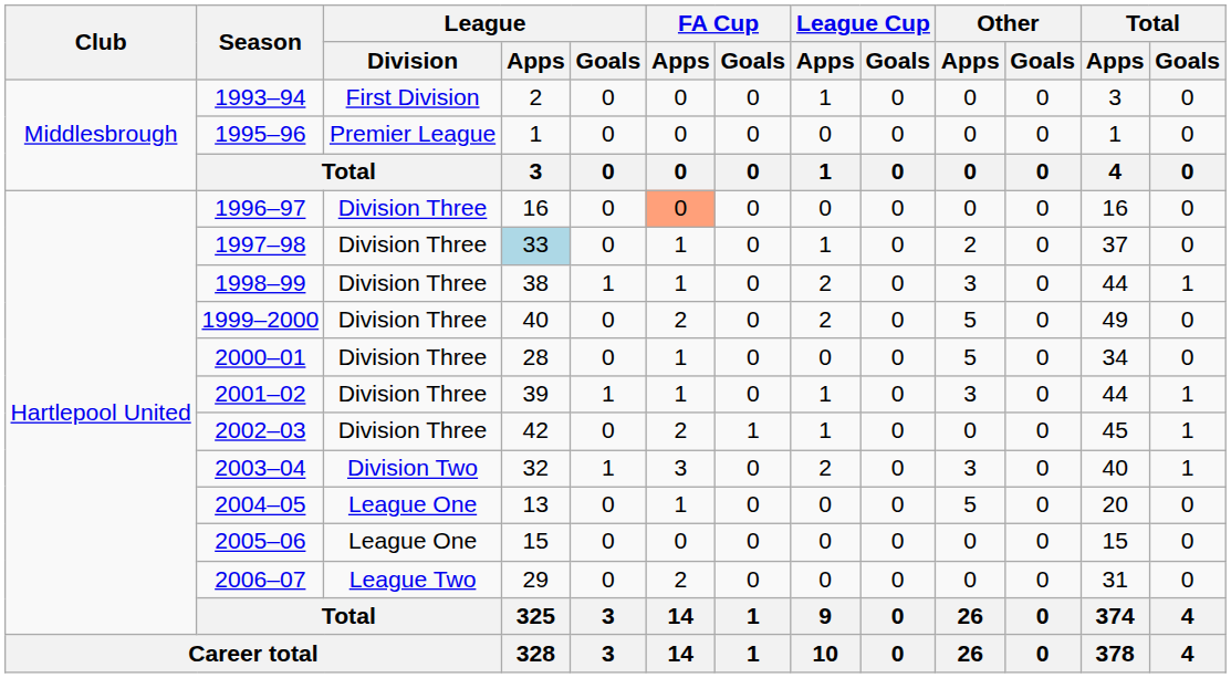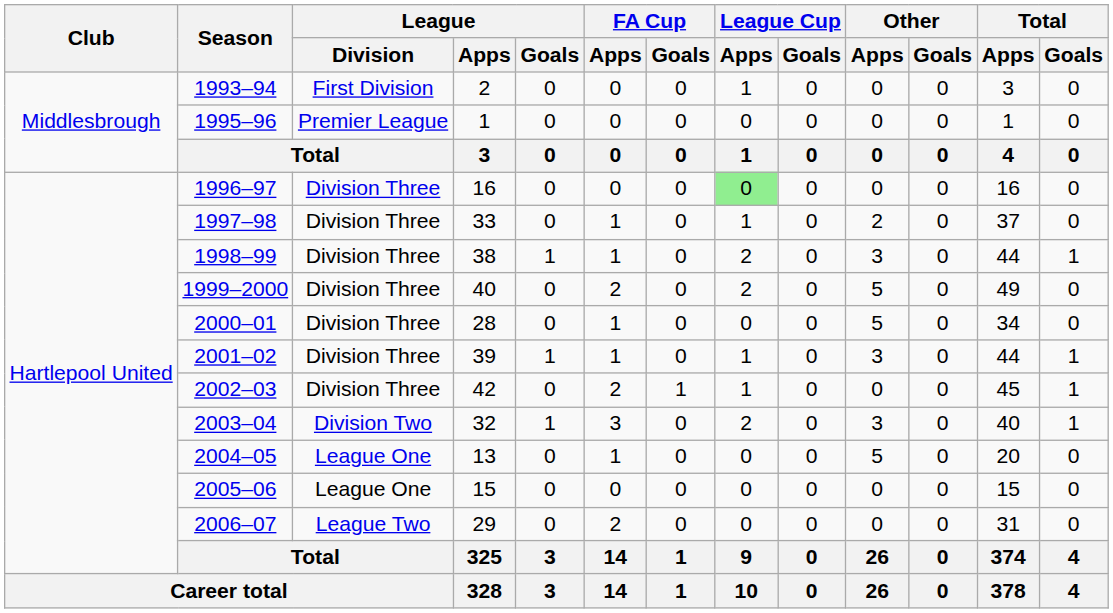 <table class="wikitable" style="text-align: center">
 <tr>
 <th rowspan="2">Club</th>
 <th rowspan="2">Season</th>
 <th colspan="3">League</th>
 <th colspan="2"><a href='#'>FA Cup</a></th>
 <th colspan="2"><a href='#'>League Cup</a></th>
 <th colspan="2">Other</th>
 <th colspan="2">Total</th>
 </tr>
 <tr>
 <th>Division</th>
 <th>Apps</th>
 <th>Goals</th>
 <th>Apps</th>
 <th>Goals</th>
 <th>Apps</th>
 <th>Goals</th>
 <th>Apps</th>
 <th>Goals</th>
 <th>Apps</th>
 <th>Goals</th>
 </tr>
 <tr>
 <td rowspan="3"><a href='#'>Middlesbrough</a></td>
 <td><a href='#'>1993–94</a></td>
 <td><a href='#'>First Division</a></td>
 <td>2</td>
 <td>0</td>
 <td>0</td>
 <td>0</td>
 <td>1</td>
 <td>0</td>
 <td>0</td>
 <td>0</td>
 <td>3</td>
 <td>0</td>
 </tr>
 <tr>
 <td><a href='#'>1995–96</a></td>
 <td><a href='#'>Premier League</a></td>
 <td>1</td>
 <td>0</td>
 <td>0</td>
 <td>0</td>
 <td>0</td>
 <td>0</td>
 <td>0</td>
 <td>0</td>
 <td>1</td>
 <td>0</td>
 </tr>
 <tr>
 <th colspan="2">Total</th>
 <th>3</th>
 <th>0</th>
 <th>0</th>
 <th>0</th>
 <th>1</th>
 <th>0</th>
 <th>0</th>
 <th>0</th>
 <th>4</th>
 <th>0</th>
 </tr>
 <tr>
 <td rowspan="12"><a href='#'>Hartlepool United</a></td>
 <td><a href='#'>1996–97</a></td>
 <td><a href='#'>Division Three</a></td>
 <td>16</td>
 <td>0</td>
-<td style="background: lightsalmon;">0</td>
 <td>0</td>
 <td>0</td>
+<td style="background: lightgreen;">0</td>
 <td>0</td>
 <td>0</td>
 <td>0</td>
 <td>16</td>
 <td>0</td>
 </tr>
 <tr>
 <td><a href='#'>1997–98</a></td>
 <td>Division Three</td>
-<td style="background: lightblue;">33</td>
+<td>33</td>
 <td>0</td>
 <td>1</td>
 <td>0</td>
 <td>1</td>
 <td>0</td>
 <td>2</td>
 <td>0</td>
 <td>37</td>
 <td>0</td>
 </tr>
 <tr>
 <td><a href='#'>1998–99</a></td>
 <td>Division Three</td>
 <td>38</td>
 <td>1</td>
 <td>1</td>
 <td>0</td>
 <td>2</td>
 <td>0</td>
 <td>3</td>
 <td>0</td>
 <td>44</td>
 <td>1</td>
 </tr>
 <tr>
 <td><a href='#'>1999–2000</a></td>
 <td>Division Three</td>
 <td>40</td>
 <td>0</td>
 <td>2</td>
 <td>0</td>
 <td>2</td>
 <td>0</td>
 <td>5</td>
 <td>0</td>
 <td>49</td>
 <td>0</td>
 </tr>
 <tr>
 <td><a href='#'>2000–01</a></td>
 <td>Division Three</td>
 <td>28</td>
 <td>0</td>
 <td>1</td>
 <td>0</td>
 <td>0</td>
 <td>0</td>
 <td>5</td>
 <td>0</td>
 <td>34</td>
 <td>0</td>
 </tr>
 <tr>
 <td><a href='#'>2001–02</a></td>
 <td>Division Three</td>
 <td>39</td>
 <td>1</td>
 <td>1</td>
 <td>0</td>
 <td>1</td>
 <td>0</td>
 <td>3</td>
 <td>0</td>
 <td>44</td>
 <td>1</td>
 </tr>
 <tr>
 <td><a href='#'>2002–03</a></td>
 <td>Division Three</td>
 <td>42</td>
 <td>0</td>
 <td>2</td>
 <td>1</td>
 <td>1</td>
 <td>0</td>
 <td>0</td>
 <td>0</td>
 <td>45</td>
 <td>1</td>
 </tr>
 <tr>
 <td><a href='#'>2003–04</a></td>
 <td><a href='#'>Division Two</a></td>
 <td>32</td>
 <td>1</td>
 <td>3</td>
 <td>0</td>
 <td>2</td>
 <td>0</td>
 <td>3</td>
 <td>0</td>
 <td>40</td>
 <td>1</td>
 </tr>
 <tr>
 <td><a href='#'>2004–05</a></td>
 <td><a href='#'>League One</a></td>
 <td>13</td>
 <td>0</td>
 <td>1</td>
 <td>0</td>
 <td>0</td>
 <td>0</td>
 <td>5</td>
 <td>0</td>
 <td>20</td>
 <td>0</td>
 </tr>
 <tr>
 <td><a href='#'>2005–06</a></td>
 <td>League One</td>
 <td>15</td>
 <td>0</td>
 <td>0</td>
 <td>0</td>
 <td>0</td>
 <td>0</td>
 <td>0</td>
 <td>0</td>
 <td>15</td>
 <td>0</td>
 </tr>
 <tr>
 <td><a href='#'>2006–07</a></td>
 <td><a href='#'>League Two</a></td>
 <td>29</td>
 <td>0</td>
 <td>2</td>
 <td>0</td>
 <td>0</td>
 <td>0</td>
 <td>0</td>
 <td>0</td>
 <td>31</td>
 <td>0</td>
 </tr>
 <tr>
 <th colspan="2">Total</th>
 <th>325</th>
 <th>3</th>
 <th>14</th>
 <th>1</th>
 <th>9</th>
 <th>0</th>
 <th>26</th>
 <th>0</th>
 <th>374</th>
 <th>4</th>
 </tr>
 <tr>
 <th colspan="3">Career total</th>
 <th>328</th>
 <th>3</th>
 <th>14</th>
 <th>1</th>
 <th>10</th>
 <th>0</th>
 <th>26</th>
 <th>0</th>
 <th>378</th>
 <th>4</th>
 </tr>
 </table>
